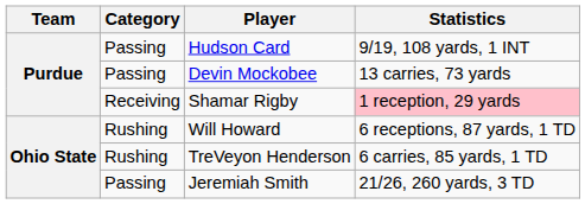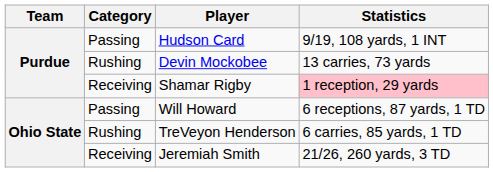 <table class="wikitable" style="float:right">
 <tr>
 <th>Team</th>
 <th>Category</th>
 <th>Player</th>
 <th>Statistics</th>
 </tr>
 <tr>
 <th rowspan=3>Purdue</th>
 <td>Passing</td>
 <td><a href='#'>Hudson Card</a></td>
 <td>9/19, 108 yards, 1 INT</td>
 </tr>
 <tr>
-<td>Passing</td>
+<td>Rushing</td>
 <td><a href='#'>Devin Mockobee</a></td>
 <td>13 carries, 73 yards</td>
 </tr>
 <tr>
 <td>Receiving</td>
 <td>Shamar Rigby</td>
 <td style="background: pink;">1 reception, 29 yards</td>
 </tr>
 <tr>
 <th rowspan=3>Ohio State</th>
-<td>Rushing</td>
+<td>Passing</td>
 <td>Will Howard</td>
 <td>6 receptions, 87 yards, 1 TD</td>
 </tr>
 <tr>
 <td>Rushing</td>
 <td>TreVeyon Henderson</td>
 <td>6 carries, 85 yards, 1 TD</td>
 </tr>
 <tr>
-<td>Passing</td>
+<td>Receiving</td>
 <td>Jeremiah Smith</td>
 <td>21/26, 260 yards, 3 TD</td>
 </tr>
 </table>
